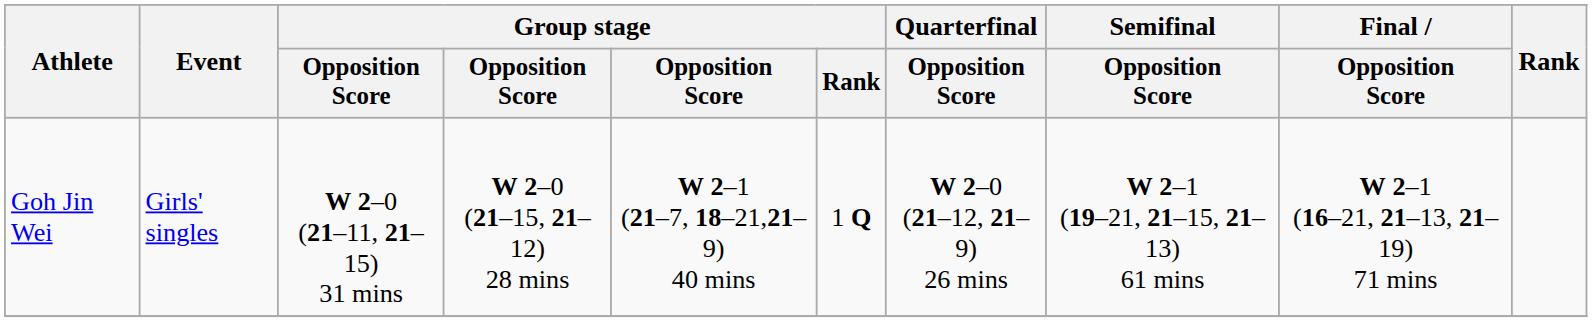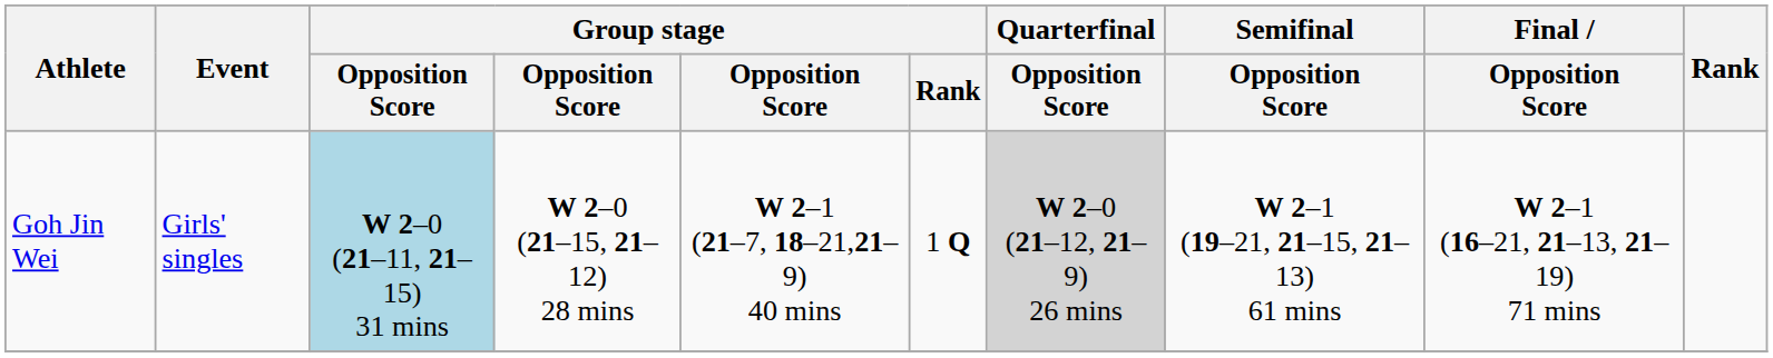 <table class="wikitable" style="font-size:90%">
 <tr>
 <th rowspan=2>Athlete</th>
 <th rowspan=2>Event</th>
 <th colspan=4>Group stage</th>
 <th>Quarterfinal</th>
 <th>Semifinal</th>
 <th>Final / </th>
 <th rowspan=2>Rank</th>
 </tr>
 <tr style="font-size:95%">
 <th>Opposition<br>Score</th>
 <th>Opposition<br>Score</th>
 <th>Opposition<br>Score</th>
 <th>Rank</th>
 <th>Opposition<br>Score</th>
 <th>Opposition<br>Score</th>
 <th>Opposition<br>Score</th>
 </tr>
 <tr align=center>
 <td align=left><a href='#'>Goh Jin Wei</a></td>
 <td align=left><a href='#'>Girls' singles</a></td>
-<td align=center><br><br><strong>W</strong> <strong>2</strong>–0<br>(<strong>21</strong>–11, <strong>21</strong>–15)<br>31 mins</td>
+<td align=center style="background: lightblue;"><br><br><strong>W</strong> <strong>2</strong>–0<br>(<strong>21</strong>–11, <strong>21</strong>–15)<br>31 mins</td>
 <td align=center><br><strong>W</strong> <strong>2</strong>–0<br>(<strong>21</strong>–15, <strong>21</strong>–12)<br>28 mins</td>
 <td align=center><br><strong>W</strong> <strong>2</strong>–1<br>(<strong>21</strong>–7, <strong>18</strong>–21,<strong>21</strong>–9)<br>40 mins</td>
 <td align=center>1 <strong>Q</strong></td>
-<td align=center><br><strong>W</strong> <strong>2</strong>–0<br>(<strong>21</strong>–12, <strong>21</strong>–9)<br>26 mins</td>
+<td align=center style="background: lightgrey;"><br><strong>W</strong> <strong>2</strong>–0<br>(<strong>21</strong>–12, <strong>21</strong>–9)<br>26 mins</td>
 <td align=center><br><strong>W</strong> <strong>2</strong>–1<br>(<strong>19</strong>–21, <strong>21</strong>–15, <strong>21</strong>–13)<br>61 mins</td>
 <td align=center><br><strong>W</strong> <strong>2</strong>–1<br>(<strong>16</strong>–21, <strong>21</strong>–13, <strong>21</strong>–19)<br>71 mins</td>
 <td align=center></td>
 </tr>
 <tr align=center>
 </tr>
 </table>
